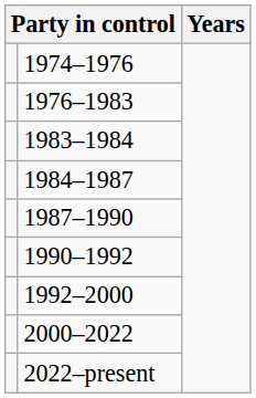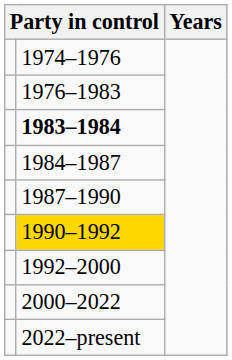 <table class="wikitable">
 <tr>
 <th colspan="2">Party in control</th>
 <th>Years</th>
 </tr>
 <tr>
 <td></td>
 <td>1974–1976</td>
 </tr>
 <tr>
 <td></td>
 <td>1976–1983</td>
 </tr>
 <tr>
 <td></td>
-<td>1983–1984</td>
+<td><strong>1983–1984</strong></td>
 </tr>
 <tr>
 <td></td>
 <td>1984–1987</td>
 </tr>
 <tr>
 <td></td>
 <td>1987–1990</td>
 </tr>
 <tr>
 <td></td>
-<td>1990–1992</td>
+<td style="background: gold;">1990–1992</td>
 </tr>
 <tr>
 <td></td>
 <td>1992–2000</td>
 </tr>
 <tr>
 <td></td>
 <td>2000–2022</td>
 </tr>
 <tr>
 <td></td>
 <td>2022–present</td>
 </tr>
 </table>
